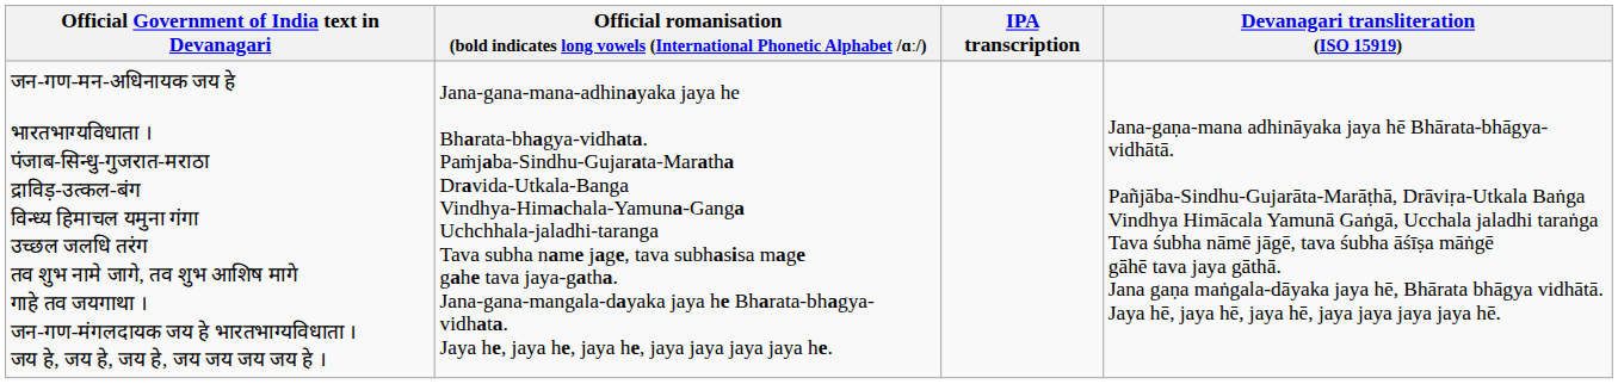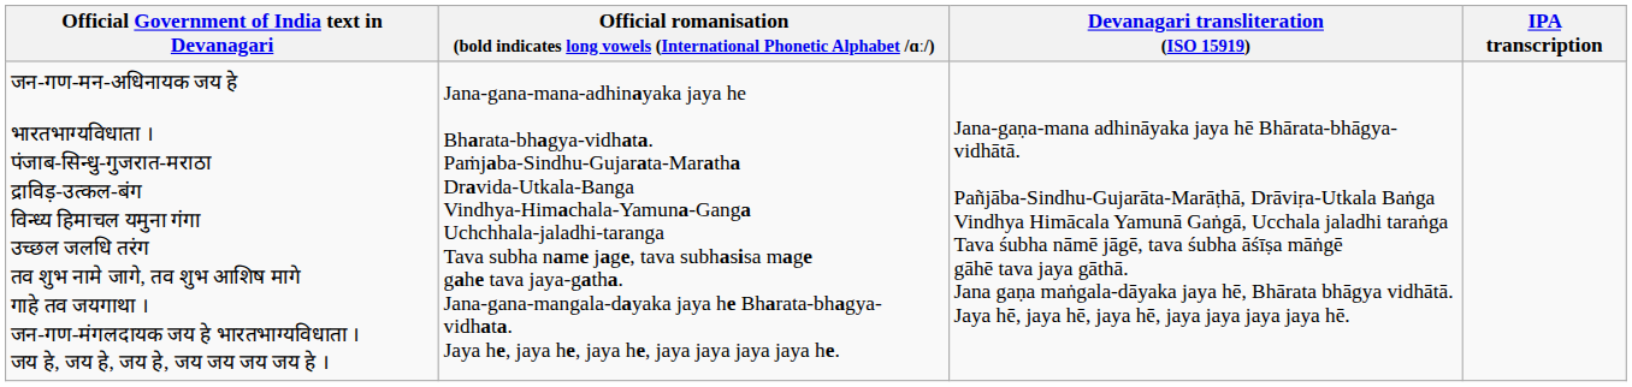 <table class="wikitable">
 <tr>
 <th>Official <a href='#'>Government of India</a> text in <a href='#'>Devanagari</a></th>
 <th>Official romanisation<br><small>(bold indicates <a href='#'>long vowels</a> (<a href='#'>International Phonetic Alphabet</a> /ɑː/)</small></th>
+<th><a href='#'>Devanagari transliteration</a><br><small>(<a href='#'>ISO 15919</a>)</small></th>
 <th><a href='#'>IPA</a> transcription</th>
-<th><a href='#'>Devanagari transliteration</a><br><small>(<a href='#'>ISO 15919</a>)</small></th>
 </tr>
 <tr>
 <td>जन-गण-मन-अधिनायक जय हे<br><br>		भारतभाग्यविधाता ।<br> पंजाब-सिन्धु-गुजरात-मराठा<br> 		द्राविड़-उत्कल-बंग<br> विन्ध्य हिमाचल यमुना गंगा<br> 		उच्छल जलधि तरंग<br> तव शुभ नामे जागे, तव शुभ आशिष मागे<br> 		गाहे तव जयगाथा ।<br> जन-गण-मंगलदायक जय हे भारतभाग्यविधाता ।<br> जय हे, जय हे, जय हे, जय जय जय जय हे ।<br></td>
 <td>Jana-gana-mana-adhin<strong>a</strong>yaka jaya he<br><br>Bh<strong>a</strong>rata-bh<strong>a</strong>gya-vidh<strong>a</strong>t<strong>a</strong>.<br> Paṁj<strong>a</strong>ba-Sindhu-Gujar<strong>a</strong>ta-Mar<strong>a</strong>th<strong>a</strong><br>  Dr<strong>a</strong>vida-Utkala-Banga<br> Vindhya-Him<strong>a</strong>chala-Yamun<strong>a</strong>-Gang<strong>a</strong><br> Uchchhala-jaladhi-taranga<br> Tava subha n<strong>a</strong>m<strong>e</strong> j<strong>a</strong>g<strong>e</strong>, tava subh<strong>a</strong>s<strong>i</strong>sa m<strong>a</strong>g<strong>e</strong><br> g<strong>a</strong>h<strong>e</strong> tava jaya-g<strong>a</strong>th<strong>a</strong>.<br> Jana-gana-mangala-d<strong>a</strong>yaka jaya h<strong>e</strong> Bh<strong>a</strong>rata-bh<strong>a</strong>gya-vidh<strong>a</strong>t<strong>a</strong>.<br> Jaya h<strong>e</strong>, jaya h<strong>e</strong>, jaya h<strong>e</strong>, jaya jaya jaya jaya h<strong>e</strong>.<br></td>
+<td>Jana-gaṇa-mana adhināyaka jaya hē Bhārata-bhāgya-vidhātā.<br><br>Pañjāba-Sindhu-Gujarāta-Marāṭhā, Drāviṛa-Utkala Baṅga<br> Vindhya Himācala Yamunā Gaṅgā, Ucchala jaladhi taraṅga<br> Tava śubha nāmē jāgē, tava śubha āśīṣa māṅgē<br> gāhē tava jaya gāthā.<br> Jana gaṇa maṅgala-dāyaka jaya hē, Bhārata bhāgya vidhātā.<br> Jaya hē, jaya hē, jaya hē, jaya jaya jaya jaya hē.</td>
 <td><br></td>
-<td>Jana-gaṇa-mana adhināyaka jaya hē Bhārata-bhāgya-vidhātā.<br><br>Pañjāba-Sindhu-Gujarāta-Marāṭhā, Drāviṛa-Utkala Baṅga<br> Vindhya Himācala Yamunā Gaṅgā, Ucchala jaladhi taraṅga<br> Tava śubha nāmē jāgē, tava śubha āśīṣa māṅgē<br> gāhē tava jaya gāthā.<br> Jana gaṇa maṅgala-dāyaka jaya hē, Bhārata bhāgya vidhātā.<br> Jaya hē, jaya hē, jaya hē, jaya jaya jaya jaya hē.</td>
 </tr>
 </table>
